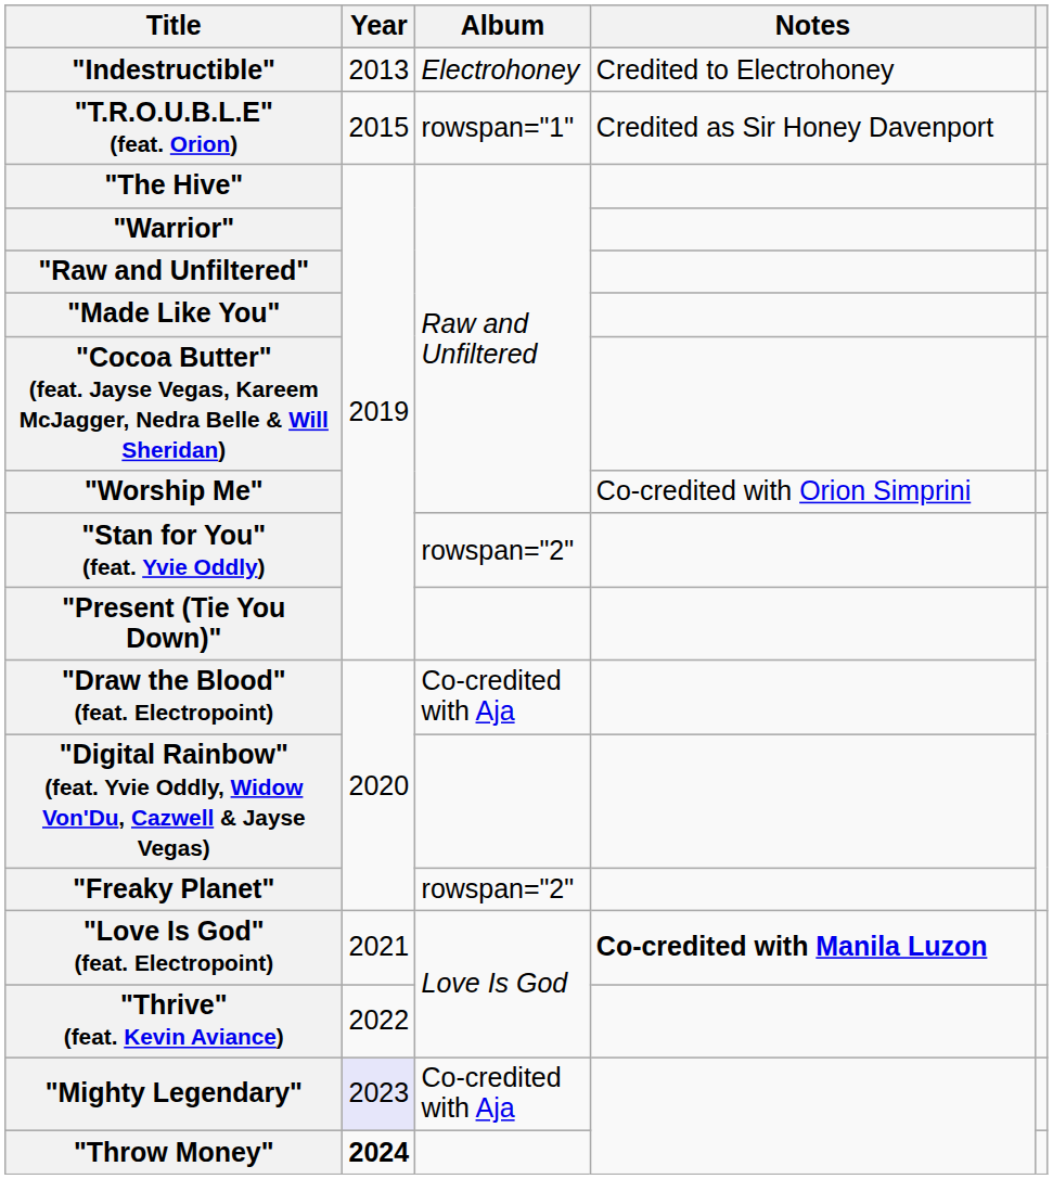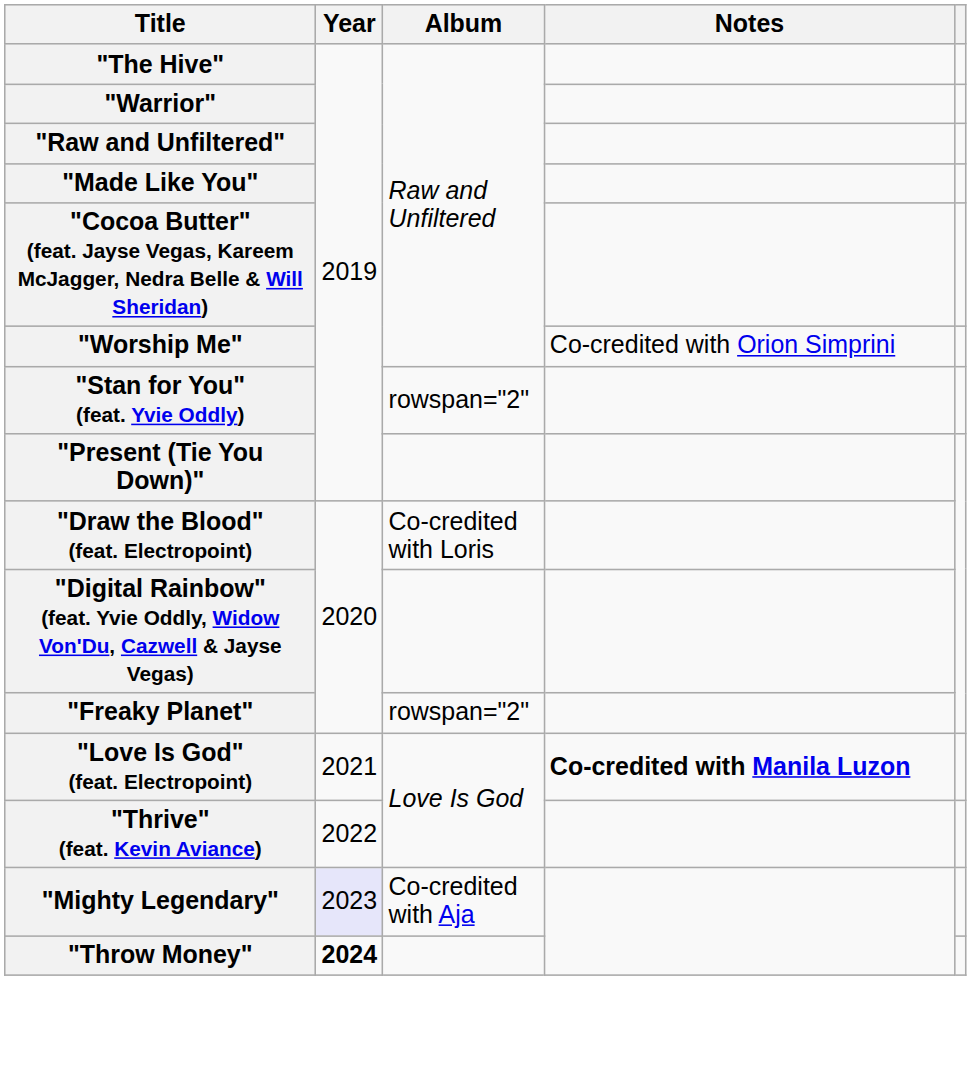 <table class="wikitable plainrowheaders sortable" style="text-align:left;">
 <tr>
 <th scope="col"  style="width:12em;">Title</th>
 <th scope="col"  style="width:2em;">Year</th>
 <th scope="col"  style="width:6em;">Album</th>
 <th scope="col"  style="width:16em;" class="unsortable">Notes</th>
 <th rowspan="1"  style="text-align: center;" class="unsortable"><br></th>
-</tr>
-<tr>
-<th scope="row">"Indestructible"</th>
-<td rowspan="1">2013</td>
-<td rowspan="1"><em>Electrohoney</em></td>
-<td rowspan="1">Credited to Electrohoney</td>
-<td style="text-align: center;"></td>
-</tr>
-<tr>
-<th scope="row">"T.R.O.U.B.L.E"<br><small>(feat. <a href='#'>Orion</a>)</small></th>
-<td rowspan="1">2015</td>
-<td>rowspan="1" </td>
-<td rowspan="1">Credited as Sir Honey Davenport</td>
-<td style="text-align: center;"></td>
 </tr>
 <tr>
 <th scope="row">"The Hive"</th>
 <td rowspan="8">2019</td>
 <td rowspan="6"><em>Raw and Unfiltered</em></td>
 <td></td>
 <td style="text-align: center;"></td>
 </tr>
 <tr>
 <th scope="row">"Warrior"</th>
 <td></td>
 <td style="text-align: center;"></td>
 </tr>
 <tr>
 <th scope="row">"Raw and Unfiltered"</th>
 <td></td>
 <td style="text-align: center;"></td>
 </tr>
 <tr>
 <th scope="row">"Made Like You"</th>
 <td></td>
 <td style="text-align: center;"></td>
 </tr>
 <tr>
 <th scope="row">"Cocoa Butter"<br><small>(feat. Jayse Vegas, Kareem McJagger, Nedra Belle & <a href='#'>Will Sheridan</a>)</small></th>
 <td></td>
 <td style="text-align: center;"></td>
 </tr>
 <tr>
 <th scope="row">"Worship Me"</th>
 <td>Co-credited with <a href='#'>Orion Simprini</a></td>
 <td style="text-align: center;"></td>
 </tr>
 <tr>
 <th scope="row">"Stan for You"<br><small>(feat. <a href='#'>Yvie Oddly</a>)</small></th>
 <td>rowspan="2" </td>
 <td></td>
 <td style="text-align: center;"></td>
 </tr>
 <tr>
 <th scope="row">"Present (Tie You Down)"</th>
 <td></td>
 <td style="text-align: center;"></td>
 </tr>
 <tr>
 <th scope="row">"Draw the Blood"<br><small>(feat. Electropoint)</small></th>
 <td rowspan="3">2020</td>
-<td rowspan="1">Co-credited with <a href='#'>Aja</a></td>
+<td rowspan="1">Co-credited with Loris</td>
 <td style="text-align: center;"></td>
 </tr>
 <tr>
 <th scope="row">"Digital Rainbow"<br><small>(feat. Yvie Oddly, <a href='#'>Widow Von'Du</a>, <a href='#'>Cazwell</a> & Jayse Vegas)</small></th>
 <td rowspan="1"></td>
 <td style="text-align: center;"></td>
 </tr>
 <tr>
 <th scope="row">"Freaky Planet"</th>
 <td>rowspan="2" </td>
 <td style="text-align: center;"></td>
 </tr>
 <tr>
 <th scope="row">"Love Is God"<br><small>(feat. Electropoint)</small></th>
 <td>2021</td>
 <td rowspan="2"><em>Love Is God</em></td>
 <td rowspan="1"><strong>Co-credited with <a href='#'>Manila Luzon</a></strong></td>
 <td style="text-align: center;"></td>
 </tr>
 <tr>
 <th scope="row">"Thrive"<br><small>(feat. <a href='#'>Kevin Aviance</a>)</small></th>
 <td>2022</td>
 <td rowspan="1"></td>
 <td style="text-align: center;"></td>
 </tr>
 <tr>
 <th scope="row">"Mighty Legendary"</th>
 <td style="background: lavender;">2023</td>
 <td rowspan="1">Co-credited with <a href='#'>Aja</a></td>
 <td rowspan="2"></td>
 <td style="text-align: center;"></td>
 </tr>
 <tr>
 <th scope="row">"Throw Money"</th>
 <td><strong>2024</strong></td>
 <td style="text-align: center;"></td>
 </tr>
 </table>
